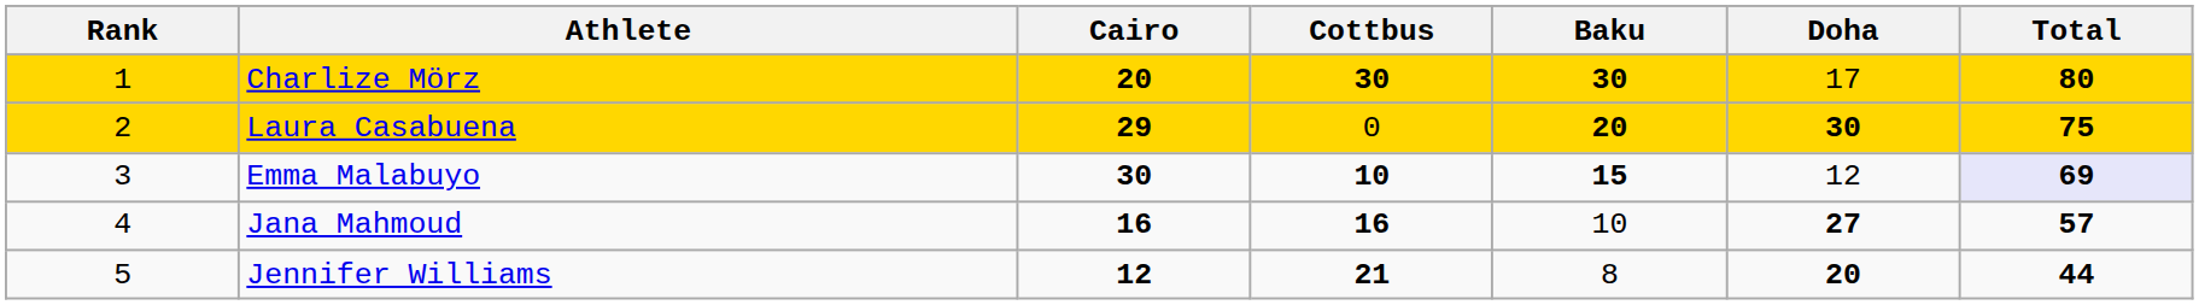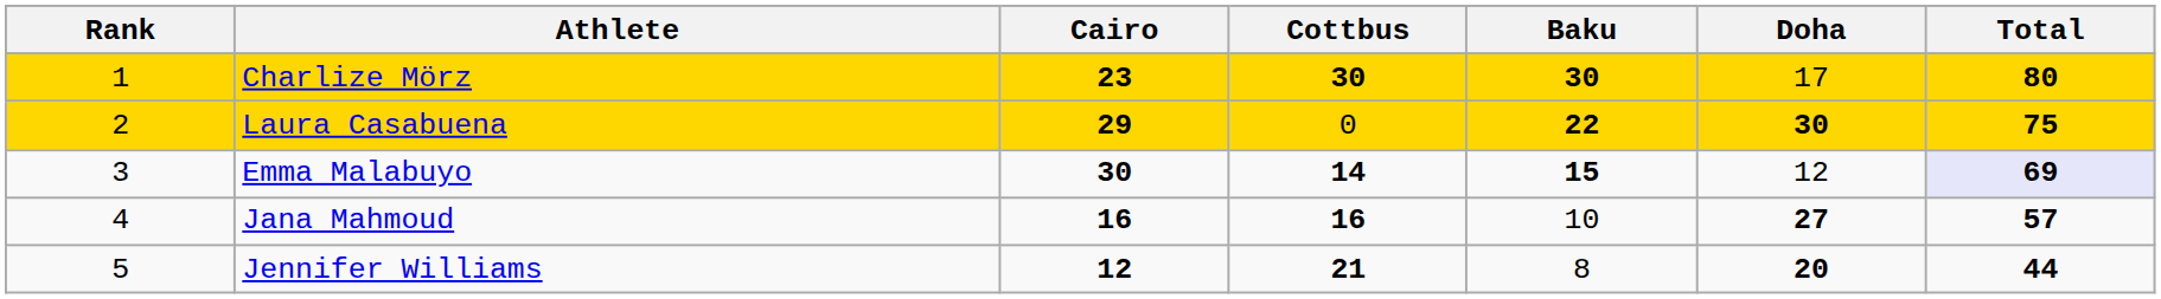 <table style="width:60%;" class="wikitable">
 <tr>
 <th style="text-align:center; width:6%;">Rank</th>
 <th style="text-align:center; width:20%;">Athlete</th>
 <th style="text-align:center; width:6%;"> Cairo</th>
 <th style="text-align:center; width:6%;"> Cottbus</th>
 <th style="text-align:center; width:6%;"> Baku</th>
 <th style="text-align:center; width:6%;"> Doha</th>
 <th style="text-align:center; width:6%;">Total</th>
 </tr>
 <tr scope=row style="text-align:center" bgcolor=gold>
 <td>1</td>
 <td align=left> <a href='#'>Charlize Mörz</a></td>
-<td><strong>20</strong></td>
+<td><strong>23</strong></td>
 <td><strong>30</strong></td>
 <td><strong>30</strong></td>
 <td>17</td>
 <td><strong>80</strong></td>
 </tr>
 <tr scope=row style="text-align:center" bgcolor=gold>
 <td>2</td>
 <td align=left> <a href='#'>Laura Casabuena</a></td>
 <td><strong>29</strong></td>
 <td>0</td>
-<td><strong>20</strong></td>
+<td><strong>22</strong></td>
 <td><strong>30</strong></td>
 <td><strong>75</strong></td>
 </tr>
 <tr scope=row style="text-align:center">
 <td>3</td>
 <td align=left> <a href='#'>Emma Malabuyo</a></td>
 <td><strong>30</strong></td>
-<td><strong>10</strong></td>
+<td><strong>14</strong></td>
 <td><strong>15</strong></td>
 <td>12</td>
 <td style="background: lavender;"><strong>69</strong></td>
 </tr>
 <tr scope=row style="text-align:center">
 <td>4</td>
 <td align=left> <a href='#'>Jana Mahmoud</a></td>
 <td><strong>16</strong></td>
 <td><strong>16</strong></td>
 <td>10</td>
 <td><strong>27</strong></td>
 <td><strong>57</strong></td>
 </tr>
 <tr scope=row style="text-align:center">
 <td>5</td>
 <td align=left> <a href='#'>Jennifer Williams</a></td>
 <td><strong>12</strong></td>
 <td><strong>21</strong></td>
 <td>8</td>
 <td><strong>20</strong></td>
 <td><strong>44</strong></td>
 </tr>
 </table>
